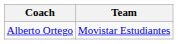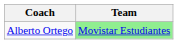 <table class="wikitable">
 <tr>
 <th style="text-align:center;">Coach</th>
 <th style="text-align:center;">Team</th>
 </tr>
 <tr>
 <td> <a href='#'>Alberto Ortego</a></td>
-<td><a href='#'>Movistar Estudiantes</a></td>
+<td style="background: lightgreen;"><a href='#'>Movistar Estudiantes</a></td>
 </tr>
 </table>
